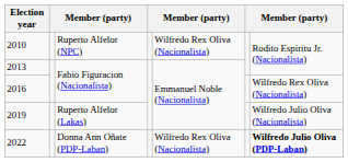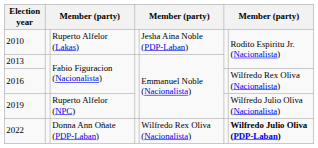 <table class=wikitable style="font-size:90%">
 <tr>
 <th width=60px>Election<br>year</th>
 <th colspan=2 width=140px>Member (party)</th>
 <th colspan=2 width=140px>Member (party)</th>
 <th colspan=2 width=140px>Member (party)</th>
 </tr>
 <tr>
 <td>2010</td>
 <td></td>
-<td>Ruperto Alfelor<br>(<a href='#'>NPC</a>)</td>
+<td>Ruperto Alfelor<br>(<a href='#'>Lakas</a>)</td>
 <td></td>
-<td>Wilfredo Rex Oliva<br>(<a href='#'>Nacionalista</a>)</td>
+<td>Jesha Aina Noble<br>(<a href='#'>PDP-Laban</a>)</td>
 <td rowspan=2></td>
 <td rowspan=2>Rodito Espiritu Jr.<br>(<a href='#'>Nacionalista</a>)</td>
 </tr>
 <tr>
 <td>2013</td>
 <td rowspan=2></td>
 <td rowspan=2>Fabio Figuracion<br>(<a href='#'>Nacionalista</a>)</td>
 <td rowspan=3></td>
 <td rowspan=3>Emmanuel Noble<br>(<a href='#'>Nacionalista</a>)</td>
 </tr>
 <tr>
 <td>2016</td>
 <td></td>
 <td>Wilfredo Rex Oliva<br>(<a href='#'>Nacionalista</a>)</td>
 </tr>
 <tr>
 <td>2019</td>
 <td></td>
-<td>Ruperto Alfelor<br>(<a href='#'>Lakas</a>)</td>
+<td>Ruperto Alfelor<br>(<a href='#'>NPC</a>)</td>
 <td></td>
 <td>Wilfredo Julio Oliva<br>(<a href='#'>Nacionalista</a>)</td>
 </tr>
 <tr>
 <td>2022</td>
 <td></td>
 <td>Donna Ann Oñate<br>(<a href='#'>PDP-Laban</a>)</td>
 <td></td>
 <td>Wilfredo Rex Oliva<br>(<a href='#'>Nacionalista</a>)</td>
 <td></td>
 <td><strong>Wilfredo Julio Oliva<br>(<a href='#'>PDP-Laban</a>)</strong></td>
 </tr>
 </table>
